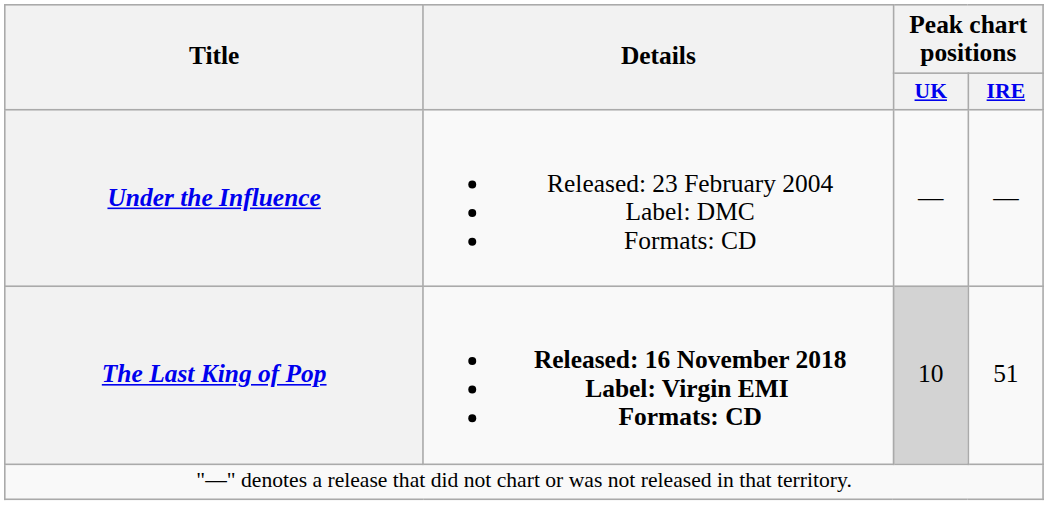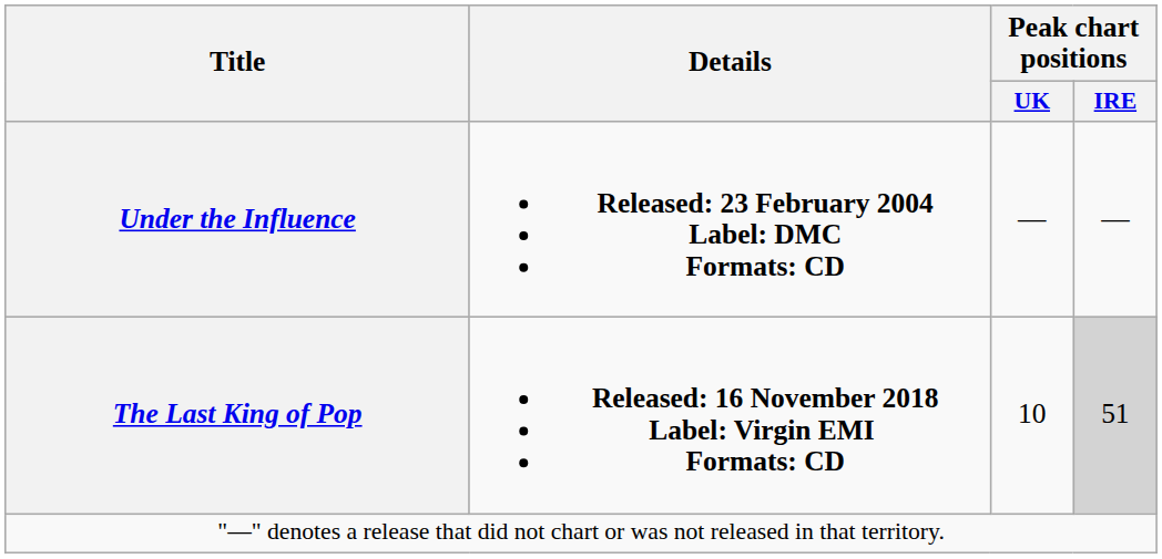 <table class="wikitable plainrowheaders" style="text-align:center;">
 <tr>
 <th scope="col" rowspan="2" style="width:16em;">Title</th>
 <th scope="col" rowspan="2" style="width:18em;">Details</th>
 <th scope="col" colspan="2">Peak chart positions</th>
 </tr>
 <tr>
 <th scope="col" style="width:3em;font-size:85%;"><a href='#'>UK</a><br></th>
 <th scope="col" style="width:3em;font-size:85%;"><a href='#'>IRE</a><br></th>
 </tr>
 <tr>
 <th scope="row"><em><a href='#'>Under the Influence</a></em></th>
-<td><br><ul><li>Released: 23 February 2004</li><li>Label: DMC</li><li>Formats: CD</li></ul></td>
+<td><strong><br><ul><li>Released: 23 February 2004</li><li>Label: DMC</li><li>Formats: CD</li></ul></strong></td>
 <td>—</td>
 <td>—</td>
 </tr>
 <tr>
 <th scope="row"><em><a href='#'>The Last King of Pop</a></em></th>
 <td><strong><br><ul><li>Released: 16 November 2018</li><li>Label: Virgin EMI </li><li>Formats: CD</li></ul></strong></td>
-<td style="background: lightgrey;">10</td>
-<td>51</td>
+<td>10</td>
+<td style="background: lightgrey;">51</td>
 </tr>
 <tr>
 <td colspan="11" style="font-size:85%">"—" denotes a release that did not chart or was not released in that territory.</td>
 </tr>
 </table>
